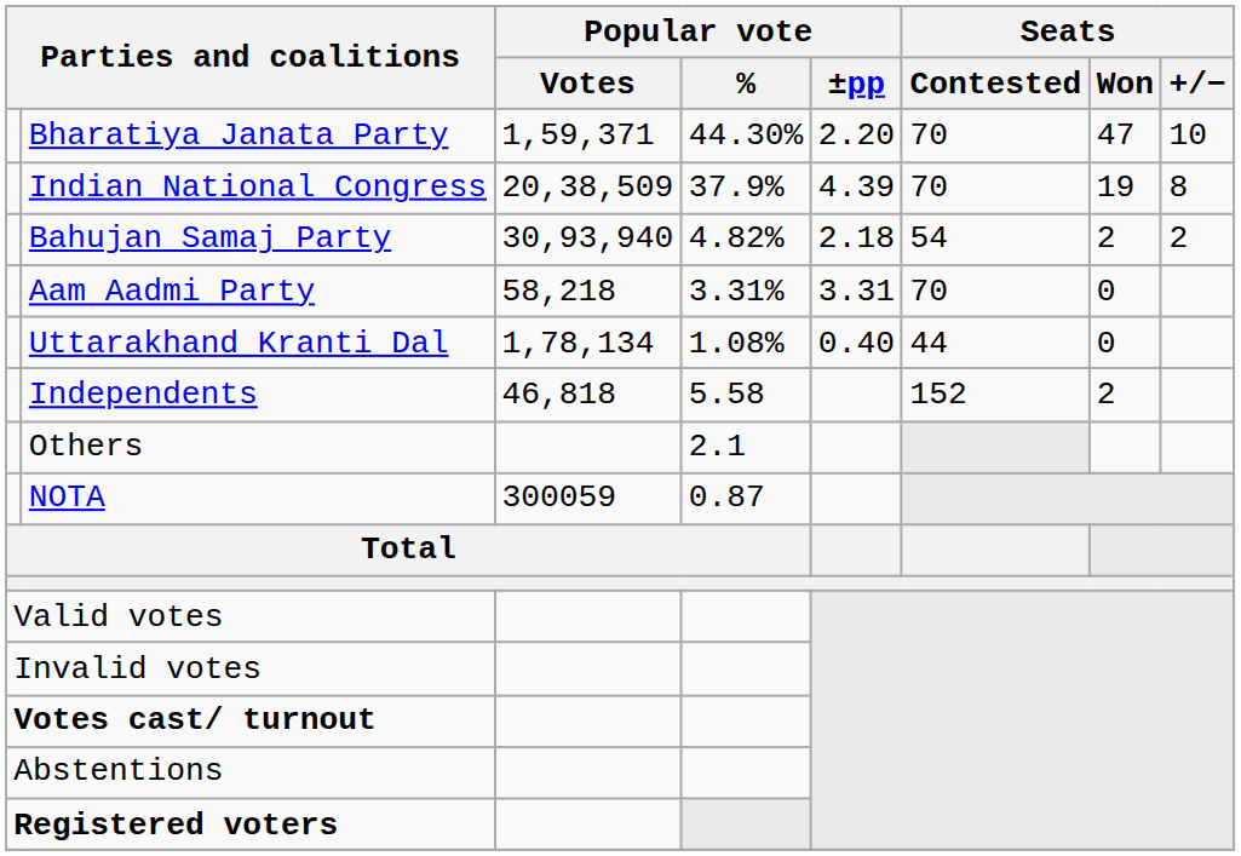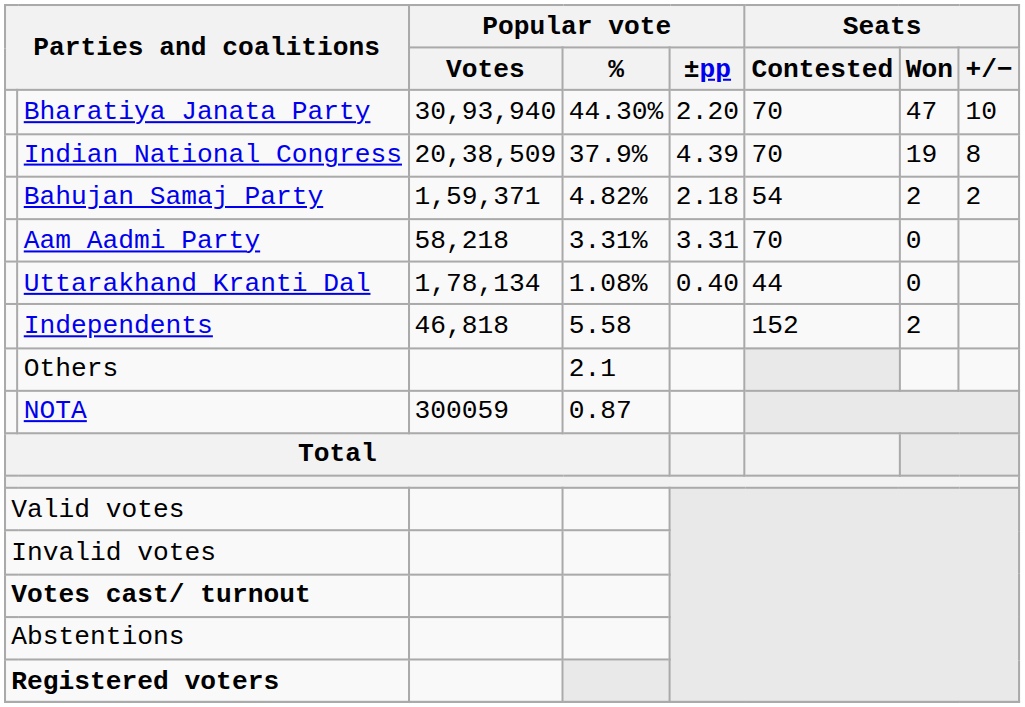 <table class="wikitable">
 <tr>
 <th colspan="2" rowspan="2">Parties and coalitions</th>
 <th colspan="3">Popular vote</th>
 <th colspan="3">Seats</th>
 </tr>
 <tr>
 <th>Votes</th>
 <th>%</th>
 <th>±<a href='#'>pp</a></th>
 <th>Contested</th>
 <th>Won</th>
 <th><strong>+/−</strong></th>
 </tr>
 <tr>
 <td></td>
 <td><a href='#'>Bharatiya Janata Party</a></td>
-<td>1,59,371</td>
+<td>30,93,940</td>
 <td>44.30%</td>
 <td>2.20</td>
 <td>70</td>
 <td>47</td>
 <td>10</td>
 </tr>
 <tr>
 <td></td>
 <td><a href='#'>Indian National Congress</a></td>
 <td>20,38,509</td>
 <td>37.9%</td>
 <td>4.39</td>
 <td>70</td>
 <td>19</td>
 <td> 8</td>
 </tr>
 <tr>
 <td></td>
 <td><a href='#'>Bahujan Samaj Party</a></td>
-<td>30,93,940</td>
+<td>1,59,371</td>
 <td>4.82%</td>
 <td>2.18</td>
 <td>54</td>
 <td>2</td>
 <td> 2</td>
 </tr>
 <tr 6>
 <td></td>
 <td><a href='#'>Aam Aadmi Party</a></td>
 <td>58,218</td>
 <td>3.31%</td>
 <td>3.31</td>
 <td>70</td>
 <td>0</td>
 <td></td>
 </tr>
 <tr>
 <td></td>
 <td><a href='#'>Uttarakhand Kranti Dal</a></td>
 <td>1,78,134</td>
 <td>1.08%</td>
 <td>0.40</td>
 <td>44</td>
 <td>0</td>
 <td></td>
 </tr>
 <tr>
 <td></td>
 <td><a href='#'>Independents</a></td>
 <td>46,818</td>
 <td>5.58</td>
 <td></td>
 <td>152</td>
 <td>2</td>
 <td></td>
 </tr>
 <tr 2>
 <td></td>
 <td>Others</td>
 <td></td>
 <td>2.1</td>
 <td></td>
 <td style="background-color:#E9E9E9"></td>
 <td></td>
 <td></td>
 </tr>
 <tr>
 <td></td>
 <td><a href='#'>NOTA</a></td>
 <td>300059</td>
 <td>0.87</td>
 <td></td>
 <th colspan="3" style="background-color:#E9E9E9"></th>
 </tr>
 <tr>
 <th colspan="4">Total</th>
 <th></th>
 <th></th>
 <th colspan="2" style="background-color:#E9E9E9"></th>
 </tr>
 <tr>
 <th colspan="8"></th>
 </tr>
 <tr>
 <td colspan="2" style="text-align:left;">Valid votes</td>
 <td align="right"></td>
 <td align="right"></td>
 <th colspan="4" rowspan="5" style="background-color:#E9E9E9"></th>
 </tr>
 <tr>
 <td colspan="2" style="text-align:left;">Invalid votes</td>
 <td align="right"></td>
 <td align="right"></td>
 </tr>
 <tr>
 <td colspan="2" style="text-align:left;"><strong>Votes cast/ turnout</strong></td>
 <td align="right"></td>
 <td align="right"></td>
 </tr>
 <tr>
 <td colspan="2" style="text-align:left;">Abstentions</td>
 <td align="right"></td>
 <td align="right"></td>
 </tr>
 <tr>
 <td colspan="2" style="text-align:left;"><strong>Registered voters</strong></td>
 <td align="right"></td>
 <td style="background-color:#E9E9E9"></td>
 </tr>
 <tr>
 </tr>
 </table>
